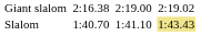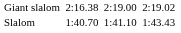 <table>
 <tr>
 <td>Giant slalom</td>
 <td></td>
 <td>2:16.38</td>
 <td></td>
 <td>2:19.00</td>
 <td></td>
 <td>2:19.02</td>
 </tr>
 <tr>
 <td>Slalom</td>
 <td></td>
 <td>1:40.70</td>
 <td></td>
 <td>1:41.10</td>
 <td></td>
-<td style="background: khaki;">1:43.43</td>
+<td>1:43.43</td>
 </tr>
 </table>
